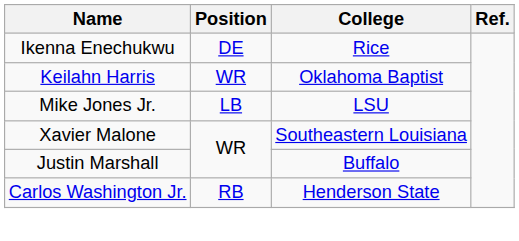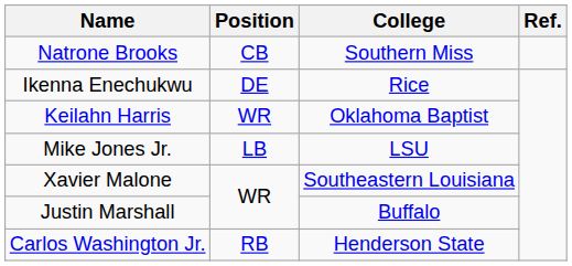 <table class="wikitable" style="text-align:center">
 <tr>
 <th>Name</th>
 <th>Position</th>
 <th>College</th>
 <th>Ref.</th>
+</tr>
+<tr>
+<td><a href='#'>Natrone Brooks</a></td>
+<td><a href='#'>CB</a></td>
+<td><a href='#'>Southern Miss</a></td>
+<td></td>
 </tr>
 <tr>
 <td>Ikenna Enechukwu</td>
 <td><a href='#'>DE</a></td>
 <td><a href='#'>Rice</a></td>
 <td rowspan="6"></td>
 </tr>
 <tr>
 <td><a href='#'>Keilahn Harris</a></td>
 <td><a href='#'>WR</a></td>
 <td><a href='#'>Oklahoma Baptist</a></td>
 </tr>
 <tr>
 <td>Mike Jones Jr.</td>
 <td><a href='#'>LB</a></td>
 <td><a href='#'>LSU</a></td>
 </tr>
 <tr>
 <td>Xavier Malone</td>
 <td rowspan="2">WR</td>
 <td><a href='#'>Southeastern Louisiana</a></td>
 </tr>
 <tr>
 <td>Justin Marshall</td>
 <td><a href='#'>Buffalo</a></td>
 </tr>
 <tr>
 <td><a href='#'>Carlos Washington Jr.</a></td>
 <td><a href='#'>RB</a></td>
 <td><a href='#'>Henderson State</a></td>
 </tr>
 </table>
